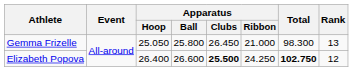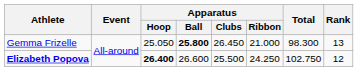 <table class=wikitable style=font-size:90%;text-align:center>
 <tr>
 <th rowspan=2>Athlete</th>
 <th rowspan=2>Event</th>
 <th colspan=4>Apparatus</th>
 <th rowspan=2>Total</th>
 <th rowspan=2>Rank</th>
 </tr>
 <tr style=font-size:95%>
 <th>Hoop</th>
 <th>Ball</th>
 <th>Clubs</th>
 <th>Ribbon</th>
 </tr>
 <tr>
 <td align=left><a href='#'>Gemma Frizelle</a></td>
 <td align=left rowspan=2><a href='#'>All-around</a></td>
 <td>25.050</td>
-<td>25.800</td>
+<td><strong>25.800</strong></td>
 <td>26.450</td>
 <td>21.000</td>
 <td>98.300</td>
 <td>13</td>
 </tr>
 <tr>
-<td align=left><a href='#'>Elizabeth Popova</a></td>
-<td>26.400</td>
+<td align=left><strong><a href='#'>Elizabeth Popova</a></strong></td>
+<td><strong>26.400</strong></td>
 <td>26.600</td>
-<td><strong>25.500</strong></td>
+<td>25.500</td>
 <td>24.250</td>
-<td><strong>102.750</strong></td>
+<td>102.750</td>
 <td>12</td>
 </tr>
 </table>
